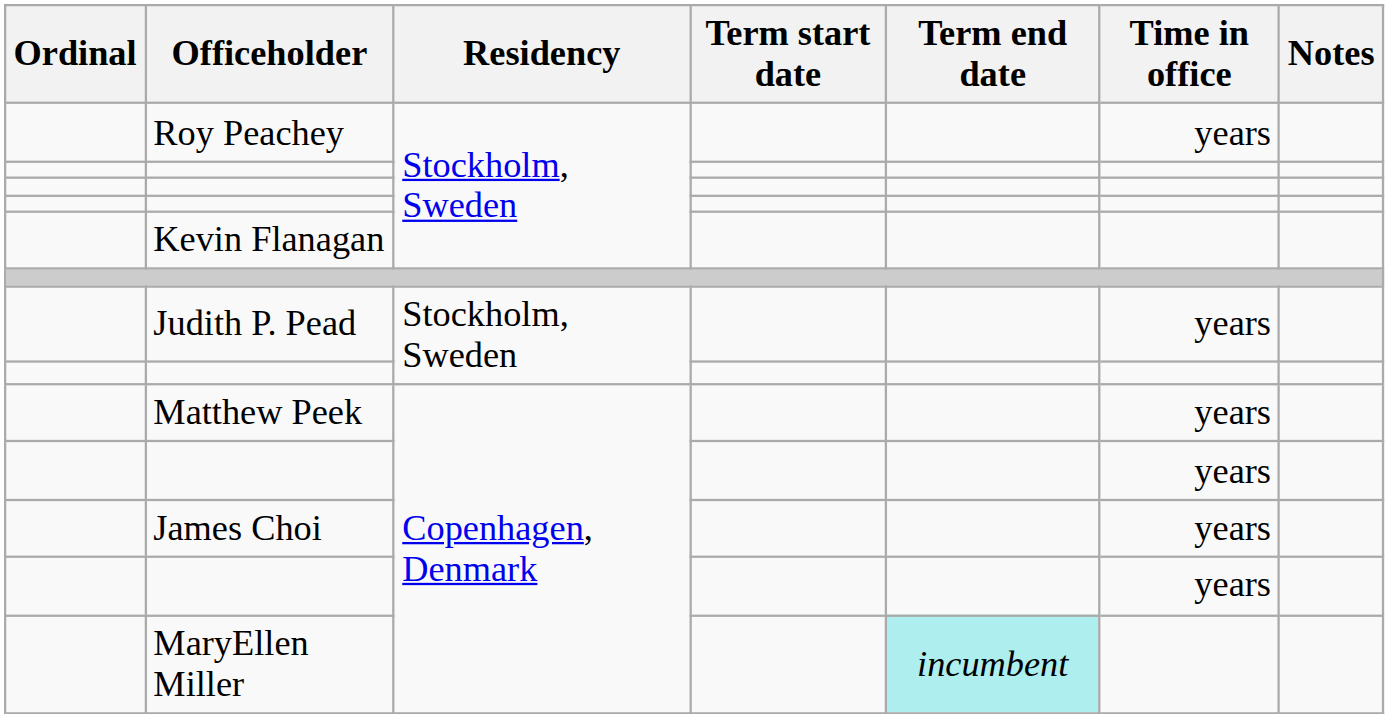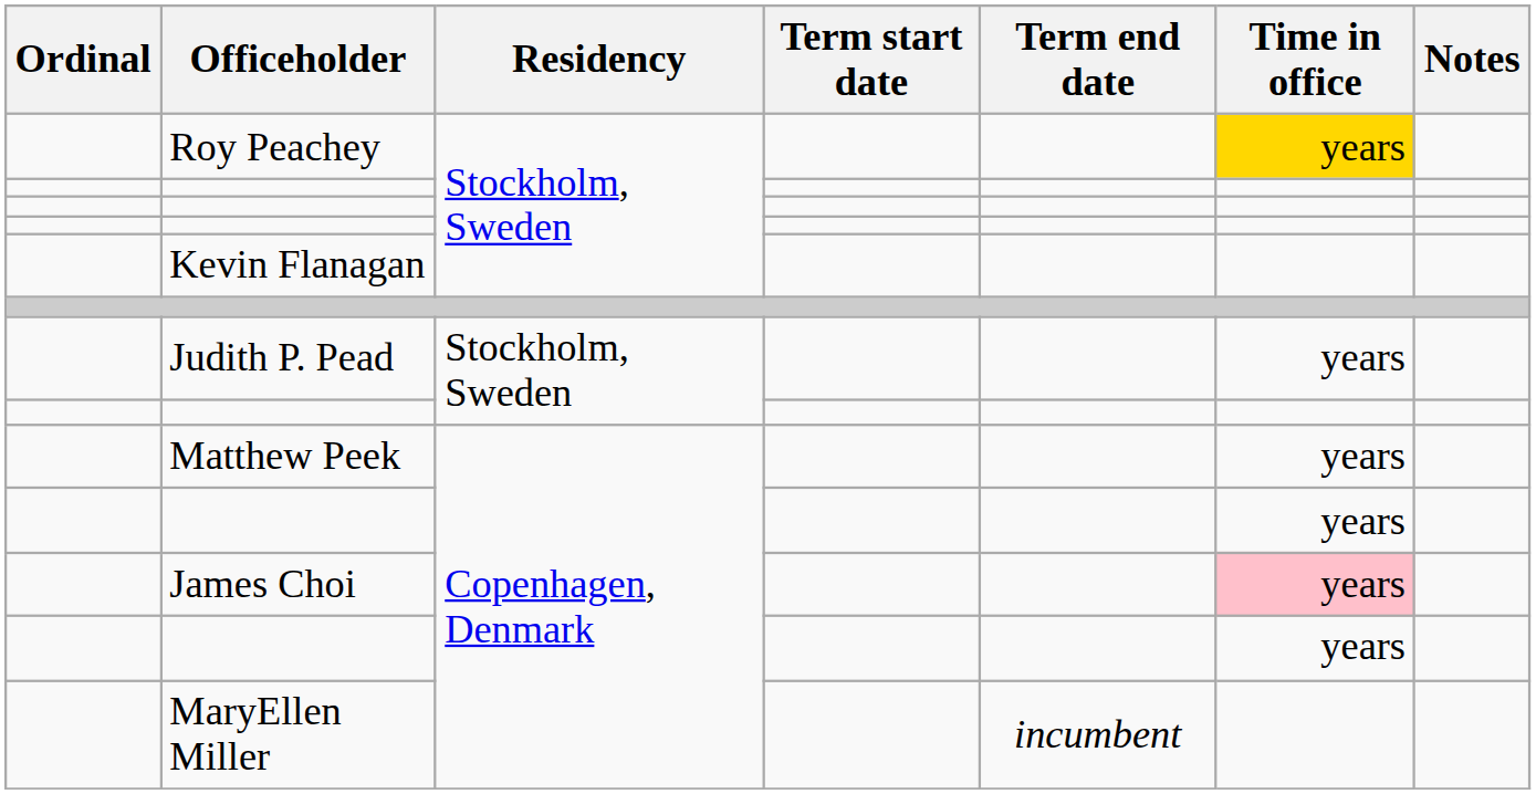 <table class='wikitable sortable'>
 <tr>
 <th>Ordinal</th>
 <th>Officeholder</th>
 <th>Residency</th>
 <th>Term start date</th>
 <th>Term end date</th>
 <th>Time in office</th>
 <th>Notes</th>
 </tr>
 <tr>
 <td align=center></td>
 <td>Roy Peachey</td>
 <td rowspan=5><a href='#'>Stockholm</a>, <a href='#'>Sweden</a></td>
 <td align=center></td>
 <td align=center></td>
-<td align=right> years</td>
+<td align=right style="background: gold;"> years</td>
 <td></td>
 </tr>
 <tr>
 <td align=center></td>
 <td></td>
 <td align=center></td>
 <td align=center></td>
 <td align=right></td>
 <td></td>
 </tr>
 <tr>
 <td align=center></td>
 <td></td>
 <td align=center></td>
 <td align=center></td>
 <td align=right></td>
 <td></td>
 </tr>
 <tr>
 <td align=center></td>
 <td></td>
 <td align=center></td>
 <td align=center></td>
 <td align=right></td>
 <td></td>
 </tr>
 <tr>
 <td align=center></td>
 <td>Kevin Flanagan</td>
 <td align=center></td>
 <td align=center></td>
 <td align=right></td>
 <td></td>
 </tr>
 <tr>
 <th colspan=7 style="background: #cccccc;"></th>
 </tr>
 <tr>
 <td align=center></td>
 <td>Judith P. Pead</td>
 <td rowspan=2>Stockholm, Sweden</td>
 <td align=center></td>
 <td align=center></td>
 <td align=right> years</td>
 <td></td>
 </tr>
 <tr>
 <td align=center></td>
 <td></td>
 <td align=center></td>
 <td align=center></td>
 <td align=right></td>
 <td></td>
 </tr>
 <tr>
 <td align=center></td>
 <td>Matthew Peek</td>
 <td rowspan=5><a href='#'>Copenhagen</a>, <a href='#'>Denmark</a></td>
 <td align=center></td>
 <td align=center></td>
 <td align=right> years</td>
 <td></td>
 </tr>
 <tr>
 <td align=center></td>
 <td></td>
 <td align=center></td>
 <td align=center></td>
 <td align=right> years</td>
 <td></td>
 </tr>
 <tr>
 <td align=center></td>
 <td>James Choi</td>
 <td align=center></td>
 <td align=center></td>
-<td align=right> years</td>
+<td align=right style="background: pink;"> years</td>
 <td></td>
 </tr>
 <tr>
 <td align=center></td>
 <td></td>
 <td align=center></td>
 <td align=center></td>
 <td align=right> years</td>
 <td></td>
 </tr>
 <tr>
 <td align=center></td>
 <td>MaryEllen Miller</td>
 <td align=center></td>
-<td align=center style="background: paleturquoise;"><em>incumbent</em></td>
+<td align=center><em>incumbent</em></td>
 <td align=right><strong></strong></td>
 <td></td>
 </tr>
 </table>
